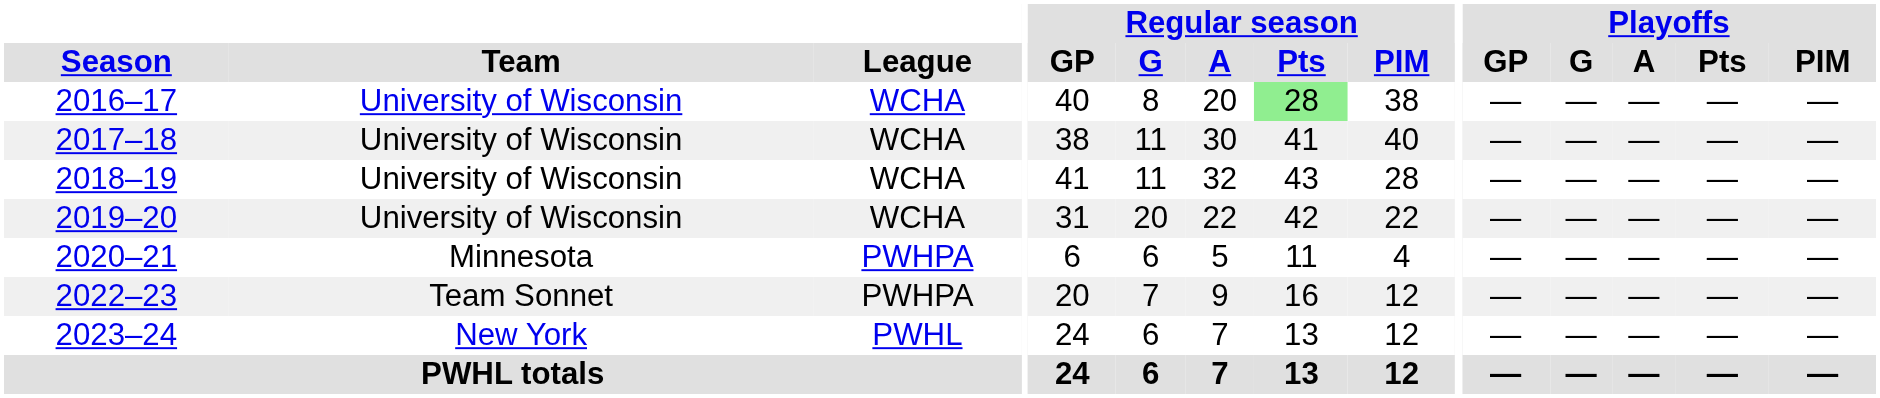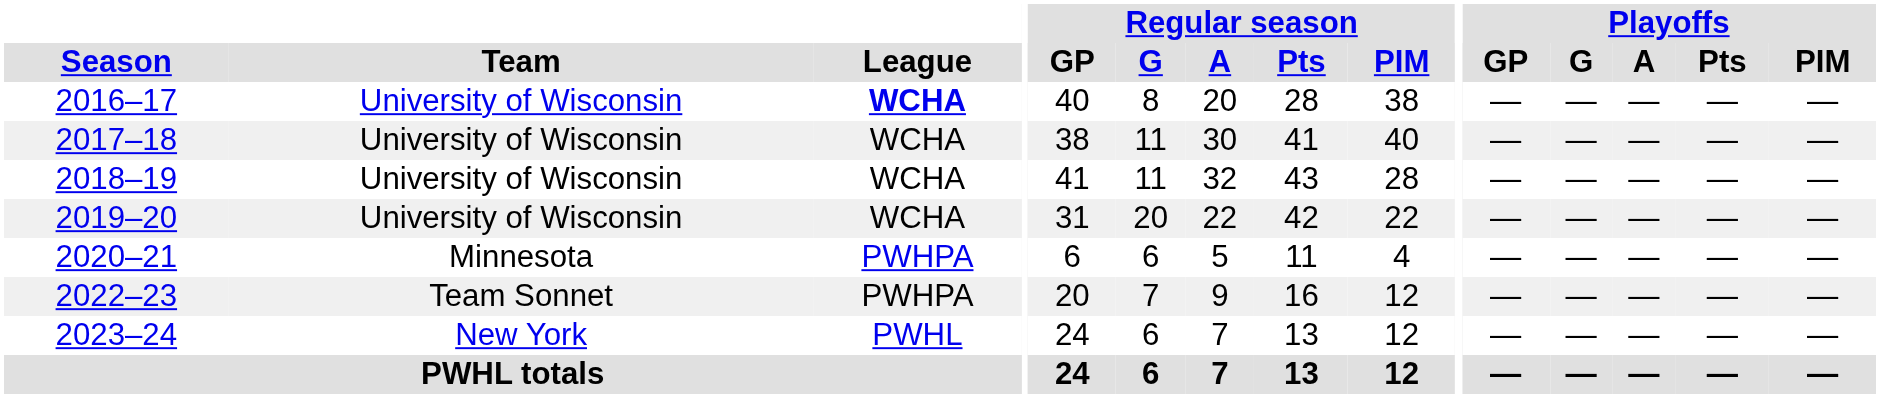 <table border="0" cellpadding="1" cellspacing="0" style="text-align:center; width:60em;">
 <tr bgcolor="#e0e0e0">
 <th colspan="3" bgcolor="#ffffff"></th>
 <th rowspan="94" bgcolor="#ffffff"></th>
 <th colspan="5"><a href='#'>Regular season</a></th>
 <th rowspan="94" bgcolor="#ffffff"></th>
 <th colspan="5"><a href='#'>Playoffs</a></th>
 </tr>
 <tr bgcolor="#e0e0e0">
 <th><a href='#'>Season</a></th>
 <th>Team</th>
 <th>League</th>
 <th>GP</th>
 <th><a href='#'>G</a></th>
 <th><a href='#'>A</a></th>
 <th><a href='#'>Pts</a></th>
 <th><a href='#'>PIM</a></th>
 <th>GP</th>
 <th>G</th>
 <th>A</th>
 <th>Pts</th>
 <th>PIM</th>
 </tr>
 <tr>
 <td><a href='#'>2016–17</a></td>
 <td><a href='#'>University of Wisconsin</a></td>
-<td><a href='#'>WCHA</a></td>
+<td><strong><a href='#'>WCHA</a></strong></td>
 <td>40</td>
 <td>8</td>
 <td>20</td>
-<td style="background: lightgreen;">28</td>
+<td>28</td>
 <td>38</td>
 <td>—</td>
 <td>—</td>
 <td>—</td>
 <td>—</td>
 <td>—</td>
 </tr>
 <tr bgcolor="#f0f0f0">
 <td><a href='#'>2017–18</a></td>
 <td>University of Wisconsin</td>
 <td>WCHA</td>
 <td>38</td>
 <td>11</td>
 <td>30</td>
 <td>41</td>
 <td>40</td>
 <td>—</td>
 <td>—</td>
 <td>—</td>
 <td>—</td>
 <td>—</td>
 </tr>
 <tr>
 <td><a href='#'>2018–19</a></td>
 <td>University of Wisconsin</td>
 <td>WCHA</td>
 <td>41</td>
 <td>11</td>
 <td>32</td>
 <td>43</td>
 <td>28</td>
 <td>—</td>
 <td>—</td>
 <td>—</td>
 <td>—</td>
 <td>—</td>
 </tr>
 <tr bgcolor="#f0f0f0">
 <td><a href='#'>2019–20</a></td>
 <td>University of Wisconsin</td>
 <td>WCHA</td>
 <td>31</td>
 <td>20</td>
 <td>22</td>
 <td>42</td>
 <td>22</td>
 <td>—</td>
 <td>—</td>
 <td>—</td>
 <td>—</td>
 <td>—</td>
 </tr>
 <tr>
 <td><a href='#'>2020–21</a></td>
 <td>Minnesota</td>
 <td><a href='#'>PWHPA</a></td>
 <td>6</td>
 <td>6</td>
 <td>5</td>
 <td>11</td>
 <td>4</td>
 <td>—</td>
 <td>—</td>
 <td>—</td>
 <td>—</td>
 <td>—</td>
 </tr>
 <tr bgcolor="#f0f0f0">
 <td><a href='#'>2022–23</a></td>
 <td>Team Sonnet</td>
 <td>PWHPA</td>
 <td>20</td>
 <td>7</td>
 <td>9</td>
 <td>16</td>
 <td>12</td>
 <td>—</td>
 <td>—</td>
 <td>—</td>
 <td>—</td>
 <td>—</td>
 </tr>
 <tr>
 <td><a href='#'>2023–24</a></td>
 <td><a href='#'>New York</a></td>
 <td><a href='#'>PWHL</a></td>
 <td>24</td>
 <td>6</td>
 <td>7</td>
 <td>13</td>
 <td>12</td>
 <td>—</td>
 <td>—</td>
 <td>—</td>
 <td>—</td>
 <td>—</td>
 </tr>
 <tr bgcolor="#e0e0e0">
 <th colspan="3">PWHL totals</th>
 <th>24</th>
 <th>6</th>
 <th>7</th>
 <th>13</th>
 <th>12</th>
 <th>—</th>
 <th>—</th>
 <th>—</th>
 <th>—</th>
 <th>—</th>
 </tr>
 </table>
